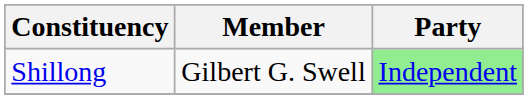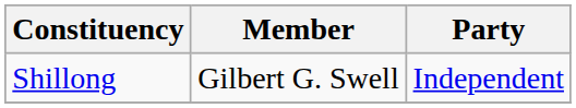 <table class="wikitable sortable">
 <tr>
 <th>Constituency</th>
 <th>Member</th>
 <th>Party</th>
 </tr>
 <tr>
 <td><a href='#'>Shillong</a></td>
 <td>Gilbert G. Swell</td>
-<td style="background: lightgreen;"><a href='#'>Independent</a></td>
+<td><a href='#'>Independent</a></td>
 </tr>
 <tr>
 </tr>
 </table>
